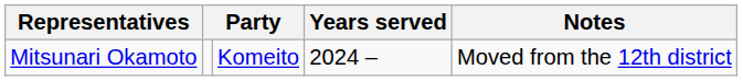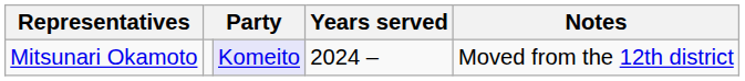 <table class="wikitable">
 <tr>
 <th>Representatives</th>
 <th colspan="2">Party</th>
 <th>Years served</th>
 <th>Notes</th>
 </tr>
 <tr>
 <td><a href='#'>Mitsunari Okamoto</a></td>
 <td bgcolor=></td>
-<td><a href='#'>Komeito</a></td>
+<td style="background: lavender;"><a href='#'>Komeito</a></td>
 <td>2024 –</td>
 <td>Moved from the <a href='#'>12th district</a></td>
 </tr>
 </table>
